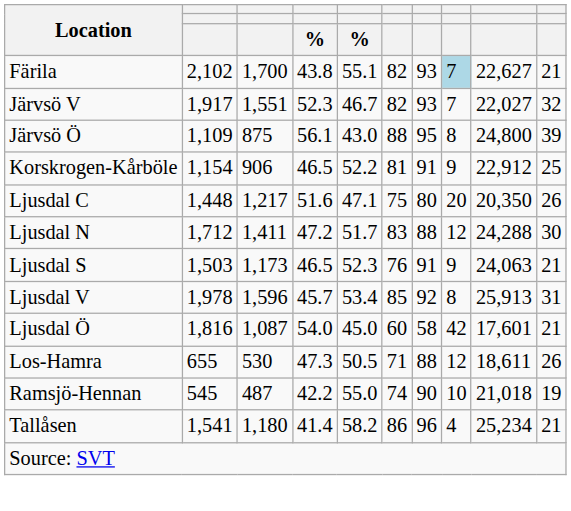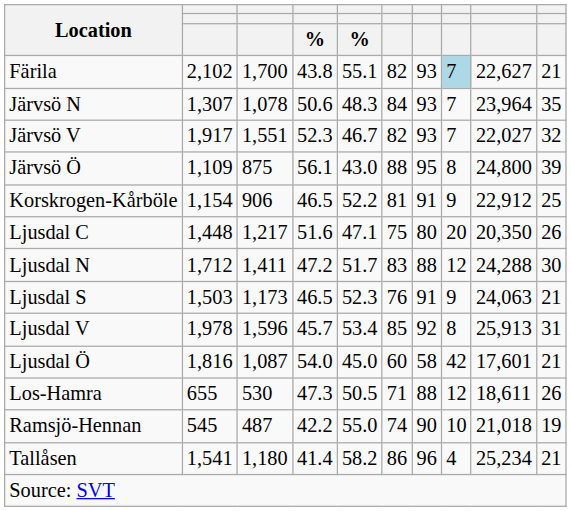 <table role="presentation" class="wikitable sortable mw-collapsible">
 <tr>
 <th rowspan="3">Location</th>
 <th></th>
 <th></th>
 <th></th>
 <th></th>
 <th></th>
 <th></th>
 <th></th>
 <th></th>
 <th></th>
 </tr>
 <tr>
 <th></th>
 <th></th>
 <th style="background:"></th>
 <th style="background:"></th>
 <th></th>
 <th></th>
 <th></th>
 <th></th>
 <th></th>
 </tr>
 <tr>
 <th data-sort-type="number"></th>
 <th data-sort-type="number"></th>
 <th data-sort-type="number">%</th>
 <th data-sort-type="number">%</th>
 <th data-sort-type="number"></th>
 <th data-sort-type="number"></th>
 <th data-sort-type="number"></th>
 <th data-sort-type="number"></th>
 <th data-sort-type="number"></th>
 </tr>
 <tr>
 <td align="left">Färila</td>
 <td>2,102</td>
 <td>1,700</td>
 <td>43.8</td>
 <td>55.1</td>
 <td>82</td>
 <td>93</td>
 <td style="background: lightblue;">7</td>
 <td>22,627</td>
 <td>21</td>
+</tr>
+<tr>
+<td align="left">Järvsö N</td>
+<td>1,307</td>
+<td>1,078</td>
+<td>50.6</td>
+<td>48.3</td>
+<td>84</td>
+<td>93</td>
+<td>7</td>
+<td>23,964</td>
+<td>35</td>
 </tr>
 <tr>
 <td align="left">Järvsö V</td>
 <td>1,917</td>
 <td>1,551</td>
 <td>52.3</td>
 <td>46.7</td>
 <td>82</td>
 <td>93</td>
 <td>7</td>
 <td>22,027</td>
 <td>32</td>
 </tr>
 <tr>
 <td align="left">Järvsö Ö</td>
 <td>1,109</td>
 <td>875</td>
 <td>56.1</td>
 <td>43.0</td>
 <td>88</td>
 <td>95</td>
 <td>8</td>
 <td>24,800</td>
 <td>39</td>
 </tr>
 <tr>
 <td align="left">Korskrogen-Kårböle</td>
 <td>1,154</td>
 <td>906</td>
 <td>46.5</td>
 <td>52.2</td>
 <td>81</td>
 <td>91</td>
 <td>9</td>
 <td>22,912</td>
 <td>25</td>
 </tr>
 <tr>
 <td align="left">Ljusdal C</td>
 <td>1,448</td>
 <td>1,217</td>
 <td>51.6</td>
 <td>47.1</td>
 <td>75</td>
 <td>80</td>
 <td>20</td>
 <td>20,350</td>
 <td>26</td>
 </tr>
 <tr>
 <td align="left">Ljusdal N</td>
 <td>1,712</td>
 <td>1,411</td>
 <td>47.2</td>
 <td>51.7</td>
 <td>83</td>
 <td>88</td>
 <td>12</td>
 <td>24,288</td>
 <td>30</td>
 </tr>
 <tr>
 <td align="left">Ljusdal S</td>
 <td>1,503</td>
 <td>1,173</td>
 <td>46.5</td>
 <td>52.3</td>
 <td>76</td>
 <td>91</td>
 <td>9</td>
 <td>24,063</td>
 <td>21</td>
 </tr>
 <tr>
 <td align="left">Ljusdal V</td>
 <td>1,978</td>
 <td>1,596</td>
 <td>45.7</td>
 <td>53.4</td>
 <td>85</td>
 <td>92</td>
 <td>8</td>
 <td>25,913</td>
 <td>31</td>
 </tr>
 <tr>
 <td align="left">Ljusdal Ö</td>
 <td>1,816</td>
 <td>1,087</td>
 <td>54.0</td>
 <td>45.0</td>
 <td>60</td>
 <td>58</td>
 <td>42</td>
 <td>17,601</td>
 <td>21</td>
 </tr>
 <tr>
 <td align="left">Los-Hamra</td>
 <td>655</td>
 <td>530</td>
 <td>47.3</td>
 <td>50.5</td>
 <td>71</td>
 <td>88</td>
 <td>12</td>
 <td>18,611</td>
 <td>26</td>
 </tr>
 <tr>
 <td align="left">Ramsjö-Hennan</td>
 <td>545</td>
 <td>487</td>
 <td>42.2</td>
 <td>55.0</td>
 <td>74</td>
 <td>90</td>
 <td>10</td>
 <td>21,018</td>
 <td>19</td>
 </tr>
 <tr>
 <td align="left">Tallåsen</td>
 <td>1,541</td>
 <td>1,180</td>
 <td>41.4</td>
 <td>58.2</td>
 <td>86</td>
 <td>96</td>
 <td>4</td>
 <td>25,234</td>
 <td>21</td>
 </tr>
 <tr>
 <td colspan="10" align="left">Source: <a href='#'>SVT</a></td>
 </tr>
 </table>
